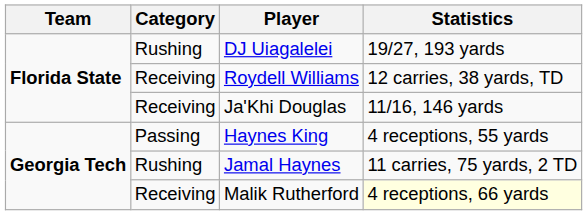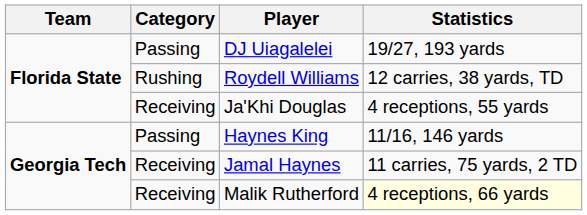 <table class="wikitable" style="float: right;">
 <tr>
 <th>Team</th>
 <th>Category</th>
 <th>Player</th>
 <th>Statistics</th>
 </tr>
 <tr>
 <td rowspan=3><strong>Florida State</strong></td>
-<td>Rushing</td>
+<td>Passing</td>
 <td><a href='#'>DJ Uiagalelei</a></td>
 <td>19/27, 193 yards</td>
 </tr>
 <tr>
-<td>Receiving</td>
+<td>Rushing</td>
 <td><a href='#'>Roydell Williams</a></td>
 <td>12 carries, 38 yards, TD</td>
 </tr>
 <tr>
 <td>Receiving</td>
 <td>Ja'Khi Douglas</td>
-<td>11/16, 146 yards</td>
+<td>4 receptions, 55 yards</td>
 </tr>
 <tr>
 <td rowspan=3><strong>Georgia Tech</strong></td>
 <td>Passing</td>
 <td><a href='#'>Haynes King</a></td>
-<td>4 receptions, 55 yards</td>
+<td>11/16, 146 yards</td>
 </tr>
 <tr>
-<td>Rushing</td>
+<td>Receiving</td>
 <td><a href='#'>Jamal Haynes</a></td>
 <td>11 carries, 75 yards, 2 TD</td>
 </tr>
 <tr>
 <td>Receiving</td>
 <td>Malik Rutherford</td>
 <td style="background: lightyellow;">4 receptions, 66 yards</td>
 </tr>
 </table>
